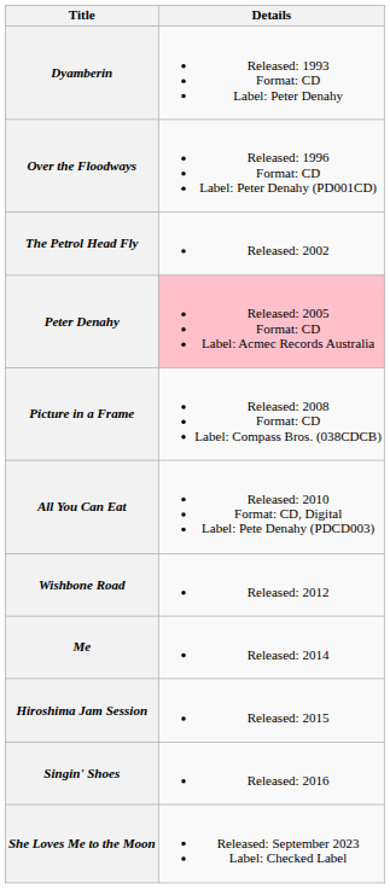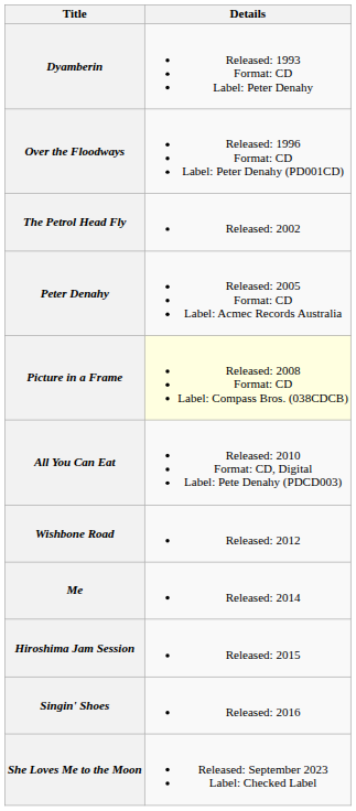 <table class="wikitable plainrowheaders" style="text-align:center;" border="1">
 <tr>
 <th>Title</th>
 <th>Details</th>
 </tr>
 <tr>
 <th scope="row"><em>Dyamberin</em></th>
 <td><br><ul><li>Released: 1993</li><li>Format: CD</li><li>Label: Peter Denahy</li></ul></td>
 </tr>
 <tr>
 <th scope="row"><em>Over the Floodways</em></th>
 <td><br><ul><li>Released: 1996</li><li>Format: CD</li><li>Label: Peter Denahy (PD001CD)</li></ul></td>
 </tr>
 <tr>
 <th scope="row"><em>The Petrol Head Fly</em></th>
 <td><br><ul><li>Released: 2002</li></ul></td>
 </tr>
 <tr>
 <th scope="row"><em>Peter Denahy</em></th>
-<td style="background: pink;"><br><ul><li>Released: 2005</li><li>Format: CD</li><li>Label: Acmec Records Australia</li></ul></td>
+<td><br><ul><li>Released: 2005</li><li>Format: CD</li><li>Label: Acmec Records Australia</li></ul></td>
 </tr>
 <tr>
 <th scope="row"><em>Picture in a Frame</em></th>
-<td><br><ul><li>Released: 2008</li><li>Format: CD</li><li>Label: Compass Bros. (038CDCB)</li></ul></td>
+<td style="background: lightyellow;"><br><ul><li>Released: 2008</li><li>Format: CD</li><li>Label: Compass Bros. (038CDCB)</li></ul></td>
 </tr>
 <tr>
 <th scope="row"><em>All You Can Eat</em></th>
 <td><br><ul><li>Released: 2010</li><li>Format: CD, Digital</li><li>Label: Pete Denahy (PDCD003)</li></ul></td>
 </tr>
 <tr>
 <th scope="row"><em>Wishbone Road</em></th>
 <td><br><ul><li>Released: 2012</li></ul></td>
 </tr>
 <tr>
 <th scope="row"><em>Me</em></th>
 <td><br><ul><li>Released: 2014</li></ul></td>
 </tr>
 <tr>
 <th scope="row"><em>Hiroshima Jam Session</em></th>
 <td><br><ul><li>Released: 2015</li></ul></td>
 </tr>
 <tr>
 <th scope="row"><em>Singin' Shoes</em></th>
 <td><br><ul><li>Released: 2016</li></ul></td>
 </tr>
 <tr>
 <th scope="row"><em>She Loves Me to the Moon</em></th>
 <td><br><ul><li>Released: September 2023</li><li>Label: Checked Label</li></ul></td>
 </tr>
 </table>
